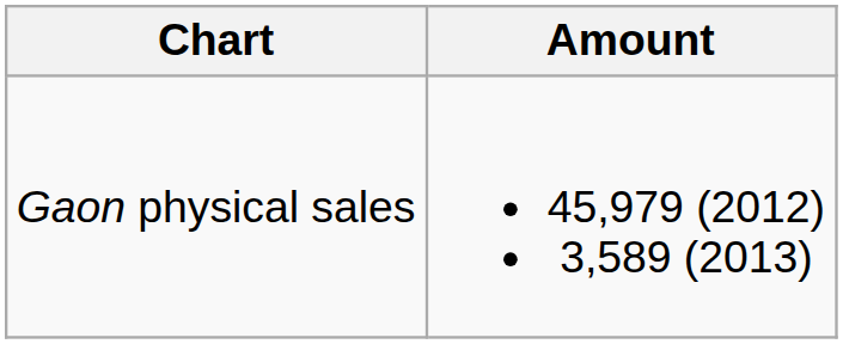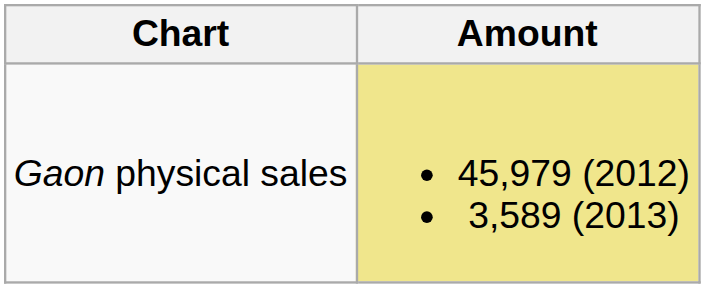 <table class="wikitable">
 <tr>
 <th>Chart</th>
 <th>Amount</th>
 </tr>
 <tr>
 <td><em>Gaon</em> physical sales</td>
-<td align="center"><br><ul><li>45,979 (2012)</li><li>3,589 (2013)</li></ul></td>
+<td align="center" style="background: khaki;"><br><ul><li>45,979 (2012)</li><li>3,589 (2013)</li></ul></td>
 </tr>
 </table>
